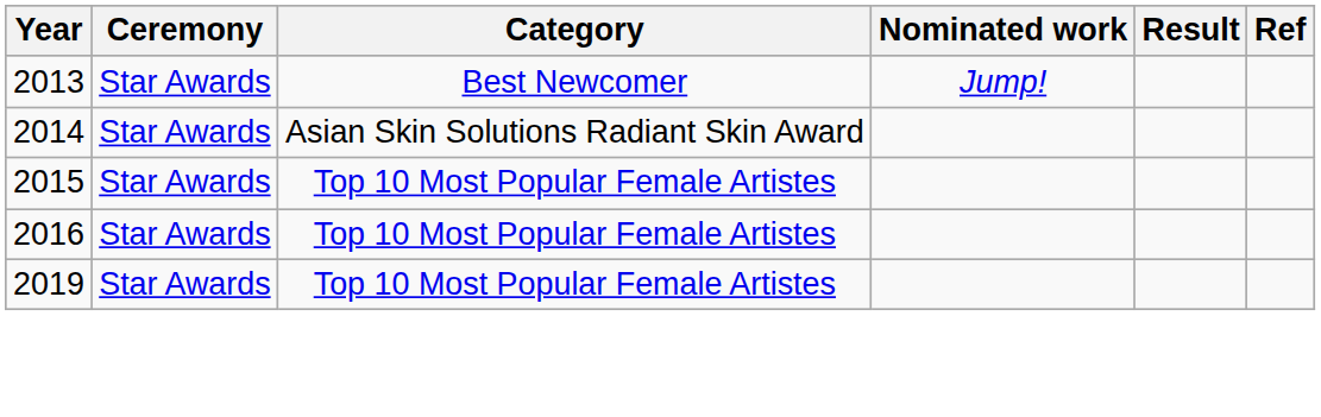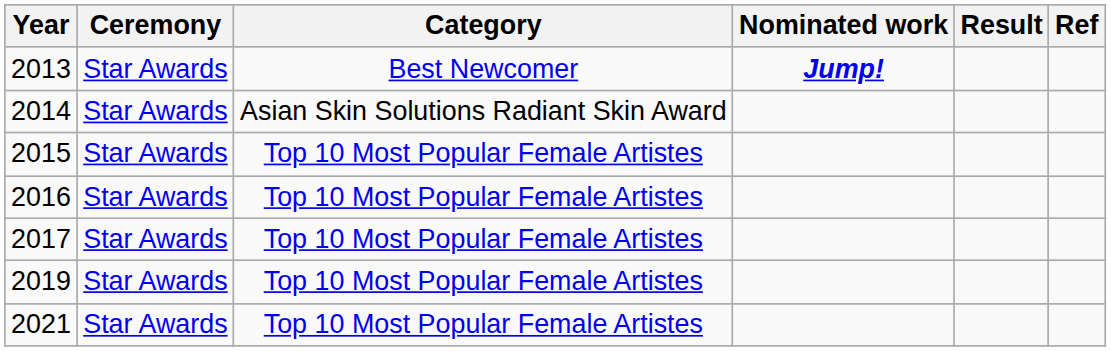 <table class="wikitable sortable" style="text-align: center;">
 <tr>
 <th>Year</th>
 <th>Ceremony</th>
 <th>Category</th>
 <th>Nominated work</th>
 <th>Result</th>
 <th class="unsortable">Ref</th>
 </tr>
 <tr>
 <td>2013</td>
 <td><a href='#'>Star Awards</a></td>
 <td><a href='#'>Best Newcomer</a></td>
-<td><em><a href='#'>Jump!</a></em> </td>
+<td><strong><em><a href='#'>Jump!</a></em> </strong></td>
 <td></td>
 <td></td>
 </tr>
 <tr>
 <td>2014</td>
 <td><a href='#'>Star Awards</a></td>
 <td>Asian Skin Solutions Radiant Skin Award</td>
 <td></td>
 <td></td>
 <td></td>
 </tr>
 <tr>
 <td>2015</td>
 <td><a href='#'>Star Awards</a></td>
 <td><a href='#'>Top 10 Most Popular Female Artistes</a></td>
 <td></td>
 <td></td>
 <td></td>
 </tr>
 <tr>
 <td>2016</td>
 <td><a href='#'>Star Awards</a></td>
 <td><a href='#'>Top 10 Most Popular Female Artistes</a></td>
 <td></td>
 <td></td>
 <td></td>
 </tr>
 <tr>
+<td>2017</td>
+<td><a href='#'>Star Awards</a></td>
+<td><a href='#'>Top 10 Most Popular Female Artistes</a></td>
+<td></td>
+<td></td>
+<td></td>
+</tr>
+<tr>
 <td>2019</td>
 <td><a href='#'>Star Awards</a></td>
 <td><a href='#'>Top 10 Most Popular Female Artistes</a></td>
 <td></td>
 <td></td>
 <td></td>
 </tr>
+<tr>
+<td>2021</td>
+<td><a href='#'>Star Awards</a></td>
+<td><a href='#'>Top 10 Most Popular Female Artistes</a></td>
+<td></td>
+<td></td>
+<td></td>
+</tr>
 </table>
